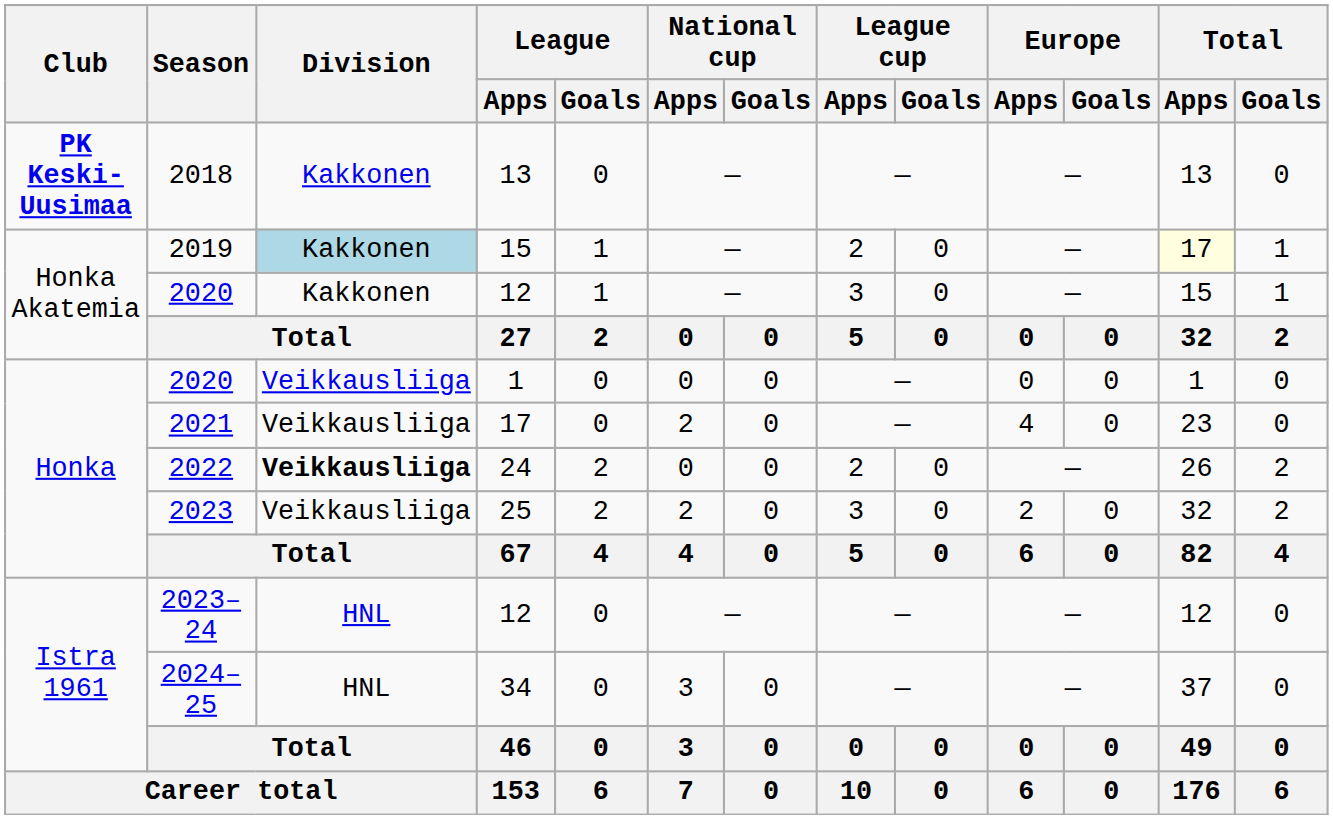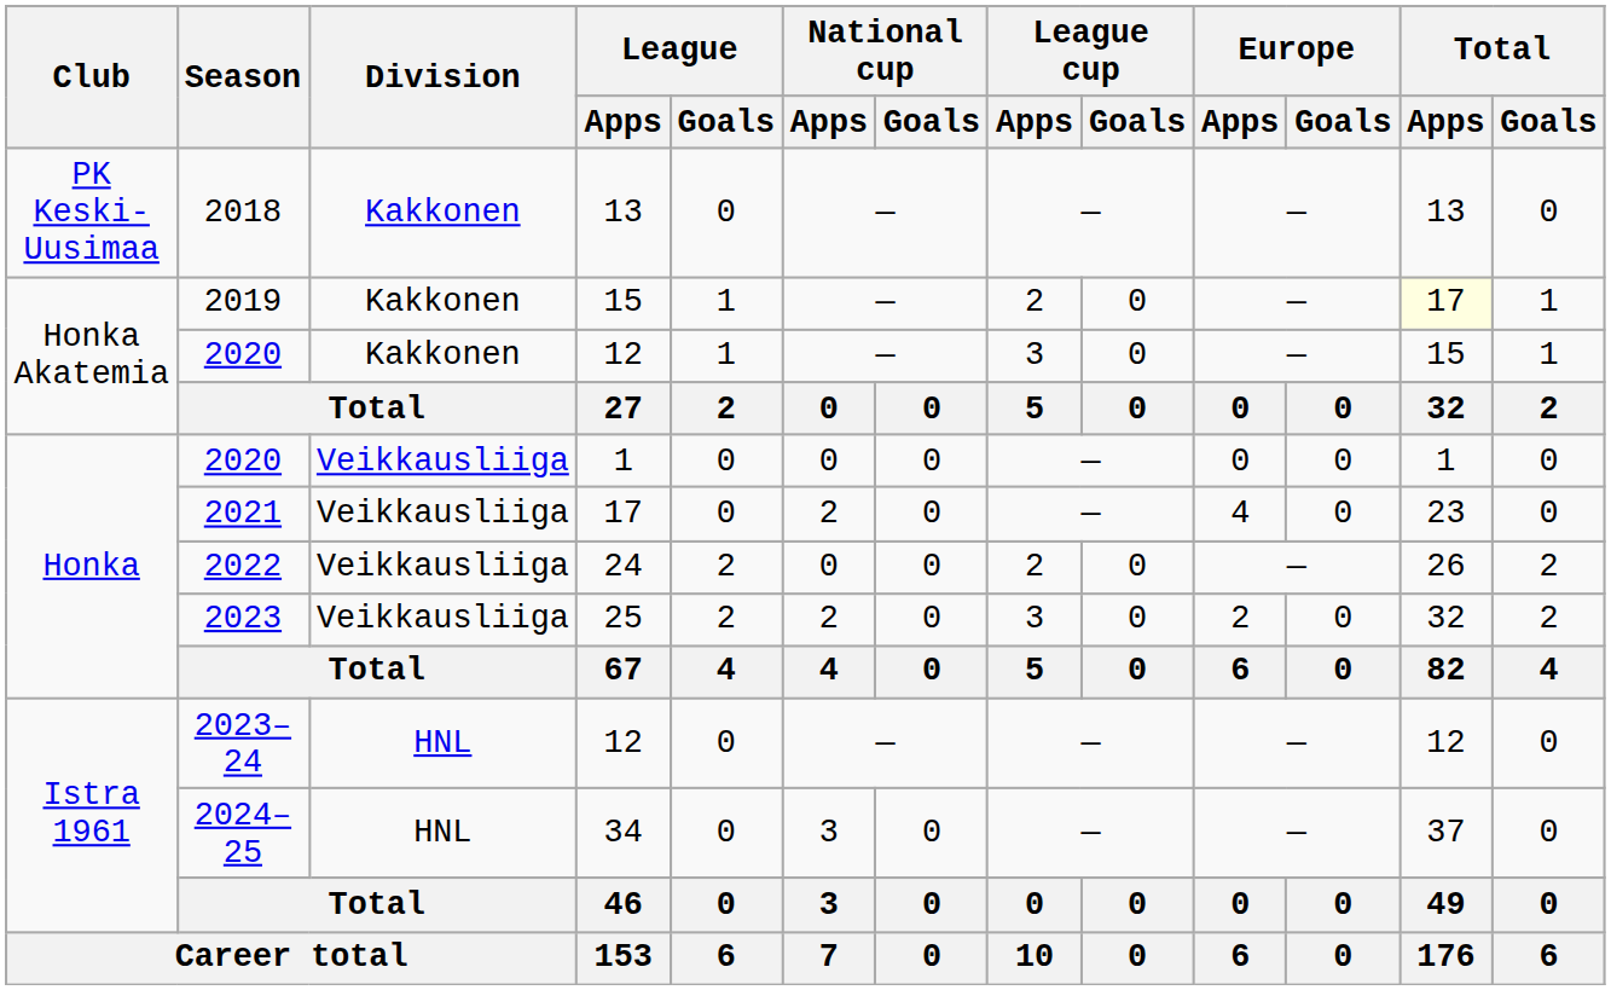 <table class="wikitable" style="text-align:center">
 <tr>
 <th rowspan="2">Club</th>
 <th rowspan="2">Season</th>
 <th rowspan="2">Division</th>
 <th colspan="2">League</th>
 <th colspan="2">National cup</th>
 <th colspan="2">League cup</th>
 <th colspan="2">Europe</th>
 <th colspan="2">Total</th>
 </tr>
 <tr>
 <th>Apps</th>
 <th>Goals</th>
 <th>Apps</th>
 <th>Goals</th>
 <th>Apps</th>
 <th>Goals</th>
 <th>Apps</th>
 <th>Goals</th>
 <th>Apps</th>
 <th>Goals</th>
 </tr>
 <tr>
-<td rowspan="1"><strong><a href='#'>PK Keski-Uusimaa</a></strong></td>
+<td rowspan="1"><a href='#'>PK Keski-Uusimaa</a></td>
 <td>2018</td>
 <td><a href='#'>Kakkonen</a></td>
 <td>13</td>
 <td>0</td>
 <td colspan="2">—</td>
 <td colspan="2">—</td>
 <td colspan="2">—</td>
 <td>13</td>
 <td>0</td>
 </tr>
 <tr>
 <td rowspan="3">Honka Akatemia</td>
 <td>2019</td>
-<td style="background: lightblue;">Kakkonen</td>
+<td>Kakkonen</td>
 <td>15</td>
 <td>1</td>
 <td colspan="2">—</td>
 <td>2</td>
 <td>0</td>
 <td colspan="2">—</td>
 <td style="background: lightyellow;">17</td>
 <td>1</td>
 </tr>
 <tr>
 <td><a href='#'>2020</a></td>
 <td>Kakkonen</td>
 <td>12</td>
 <td>1</td>
 <td colspan="2">—</td>
 <td>3</td>
 <td>0</td>
 <td colspan="2">—</td>
 <td>15</td>
 <td>1</td>
 </tr>
 <tr>
 <th colspan="2">Total</th>
 <th>27</th>
 <th>2</th>
 <th>0</th>
 <th>0</th>
 <th>5</th>
 <th>0</th>
 <th>0</th>
 <th>0</th>
 <th>32</th>
 <th>2</th>
 </tr>
 <tr>
 <td rowspan="5"><a href='#'>Honka</a></td>
 <td><a href='#'>2020</a></td>
 <td><a href='#'>Veikkausliiga</a></td>
 <td>1</td>
 <td>0</td>
 <td>0</td>
 <td>0</td>
 <td colspan="2">—</td>
 <td>0</td>
 <td>0</td>
 <td>1</td>
 <td>0</td>
 </tr>
 <tr>
 <td><a href='#'>2021</a></td>
 <td>Veikkausliiga</td>
 <td>17</td>
 <td>0</td>
 <td>2</td>
 <td>0</td>
 <td colspan="2">—</td>
 <td>4</td>
 <td>0</td>
 <td>23</td>
 <td>0</td>
 </tr>
 <tr>
 <td><a href='#'>2022</a></td>
-<td><strong>Veikkausliiga</strong></td>
+<td>Veikkausliiga</td>
 <td>24</td>
 <td>2</td>
 <td>0</td>
 <td>0</td>
 <td>2</td>
 <td>0</td>
 <td colspan="2">—</td>
 <td>26</td>
 <td>2</td>
 </tr>
 <tr>
 <td><a href='#'>2023</a></td>
 <td>Veikkausliiga</td>
 <td>25</td>
 <td>2</td>
 <td>2</td>
 <td>0</td>
 <td>3</td>
 <td>0</td>
 <td>2</td>
 <td>0</td>
 <td>32</td>
 <td>2</td>
 </tr>
 <tr>
 <th colspan="2">Total</th>
 <th>67</th>
 <th>4</th>
 <th>4</th>
 <th>0</th>
 <th>5</th>
 <th>0</th>
 <th>6</th>
 <th>0</th>
 <th>82</th>
 <th>4</th>
 </tr>
 <tr>
 <td rowspan=3><a href='#'>Istra 1961</a></td>
 <td><a href='#'>2023–24</a></td>
 <td><a href='#'>HNL</a></td>
 <td>12</td>
 <td>0</td>
 <td colspan="2">—</td>
 <td colspan="2">—</td>
 <td colspan="2">—</td>
 <td>12</td>
 <td>0</td>
 </tr>
 <tr>
 <td><a href='#'>2024–25</a></td>
 <td>HNL</td>
 <td>34</td>
 <td>0</td>
 <td>3</td>
 <td>0</td>
 <td colspan="2">—</td>
 <td colspan="2">—</td>
 <td>37</td>
 <td>0</td>
 </tr>
 <tr>
 <th colspan="2">Total</th>
 <th>46</th>
 <th>0</th>
 <th>3</th>
 <th>0</th>
 <th>0</th>
 <th>0</th>
 <th>0</th>
 <th>0</th>
 <th>49</th>
 <th>0</th>
 </tr>
 <tr>
 <th colspan="3">Career total</th>
 <th>153</th>
 <th>6</th>
 <th>7</th>
 <th>0</th>
 <th>10</th>
 <th>0</th>
 <th>6</th>
 <th>0</th>
 <th>176</th>
 <th>6</th>
 </tr>
 </table>
